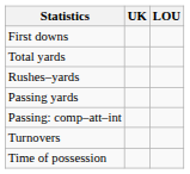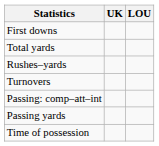 <table class="wikitable" style="float:left">
 <tr>
 <th>Statistics</th>
 <th>UK</th>
 <th>LOU</th>
 </tr>
 <tr>
 <td>First downs</td>
 <td></td>
 <td></td>
 </tr>
 <tr>
 <td>Total yards</td>
 <td></td>
 <td></td>
 </tr>
 <tr>
 <td>Rushes–yards</td>
 <td></td>
 <td></td>
 </tr>
 <tr>
-<td>Passing yards</td>
+<td>Turnovers</td>
 <td></td>
 <td></td>
 </tr>
 <tr>
 <td>Passing: comp–att–int</td>
 <td></td>
 <td></td>
 </tr>
 <tr>
-<td>Turnovers</td>
+<td>Passing yards</td>
 <td></td>
 <td></td>
 </tr>
 <tr>
 <td>Time of possession</td>
 <td></td>
 <td></td>
 </tr>
 </table>
